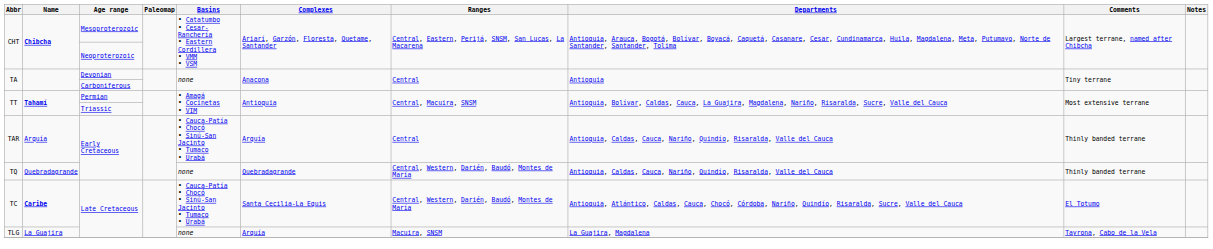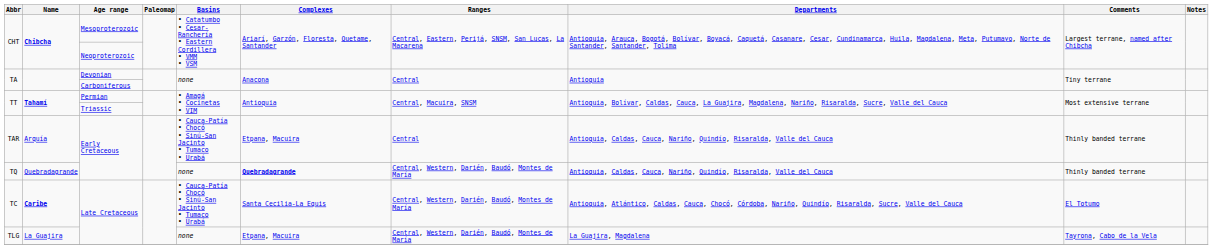 <table class="wikitable sortable mw-collapsible" style="font-size: 80%">
 <tr>
 <th>Abbr</th>
 <th>Name</th>
 <th>Age range</th>
 <th>Paleomap</th>
 <th width=100px><a href='#'>Basins</a></th>
 <th><a href='#'>Complexes</a></th>
 <th>Ranges</th>
 <th><a href='#'>Departments</a></th>
 <th>Comments</th>
 <th>Notes</th>
 </tr>
 <tr>
 <td align=center rowspan=2>CHT</td>
 <td rowspan=2><strong><a href='#'>Chibcha</a></strong></td>
 <td style="background-color: "><a href='#'>Mesoproterozoic</a></td>
 <td rowspan=2></td>
 <td rowspan=2>• <a href='#'>Catatumbo</a><br>• <a href='#'>Cesar-Ranchería</a><br>• <a href='#'>Eastern Cordillera</a> <br>• <a href='#'>VMM</a><br>• <a href='#'>VSM</a></td>
 <td rowspan="2"><a href='#'>Ariarí</a>, <a href='#'>Garzón</a>, <a href='#'>Floresta</a>, <a href='#'>Quetame</a>, <a href='#'>Santander</a></td>
 <td rowspan="2"><a href='#'>Central</a>, <a href='#'>Eastern</a>, <a href='#'>Perijá</a>, <a href='#'>SNSM</a>, <a href='#'>San Lucas</a>, <a href='#'>La Macarena</a></td>
 <td rowspan=2><a href='#'>Antioquia</a>, <a href='#'>Arauca</a>, <a href='#'>Bogotá</a>, <a href='#'>Bolívar</a>, <a href='#'>Boyacá</a>, <a href='#'>Caquetá</a>, <a href='#'>Casanare</a>, <a href='#'>Cesar</a>, <a href='#'>Cundinamarca</a>, <a href='#'>Huila</a>, <a href='#'>Magdalena</a>, <a href='#'>Meta</a>, <a href='#'>Putumayo</a>, <a href='#'>Norte de Santander</a>, <a href='#'>Santander</a>, <a href='#'>Tolima</a></td>
 <td rowspan=2>Largest terrane, <a href='#'>named after Chibcha</a></td>
 <td align=center rowspan=2></td>
 </tr>
 <tr>
 <td style="background-color: "><a href='#'>Neoproterozoic</a></td>
 </tr>
 <tr>
 <td rowspan=2 align=center>TA</td>
 <td rowspan=2></td>
 <td style="background-color: "><a href='#'>Devonian</a></td>
 <td rowspan=2></td>
 <td rowspan=2><em>none</em></td>
 <td rowspan=2><a href='#'>Anacona</a></td>
 <td rowspan="2"><a href='#'>Central</a></td>
 <td rowspan=2><a href='#'>Antioquia</a></td>
 <td rowspan=2>Tiny terrane</td>
 <td align=center rowspan=2></td>
 </tr>
 <tr>
 <td style="background-color: "><a href='#'>Carboniferous</a></td>
 </tr>
 <tr>
 <td rowspan=2 align=center>TT</td>
 <td rowspan=2><strong><a href='#'>Tahamí</a></strong></td>
 <td style="background-color: "><a href='#'>Permian</a></td>
 <td rowspan=2></td>
 <td rowspan=2>• <a href='#'>Amagá</a><br>• <a href='#'>Cocinetas</a><br>• <a href='#'>VIM</a></td>
 <td rowspan="2"><a href='#'>Antioquia</a></td>
 <td rowspan=2><a href='#'>Central</a>, <a href='#'>Macuira</a>, <a href='#'>SNSM</a></td>
 <td rowspan=2><a href='#'>Antioquia</a>, <a href='#'>Bolívar</a>, <a href='#'>Caldas</a>, <a href='#'>Cauca</a>, <a href='#'>La Guajira</a>, <a href='#'>Magdalena</a>, <a href='#'>Nariño</a>, <a href='#'>Risaralda</a>, <a href='#'>Sucre</a>, <a href='#'>Valle del Cauca</a></td>
 <td rowspan=2>Most extensive terrane</td>
 <td align=center rowspan=2></td>
 </tr>
 <tr>
 <td style="background-color: "><a href='#'>Triassic</a></td>
 </tr>
 <tr>
 <td align=center>TAR</td>
 <td><a href='#'>Arquía</a></td>
 <td rowspan="2" style="background-color: "><a href='#'>Early Cretaceous</a></td>
 <td rowspan=2></td>
 <td>• <a href='#'>Cauca-Patía</a><br>• <a href='#'>Chocó</a><br>• <a href='#'>Sinú-San Jacinto</a><br>• <a href='#'>Tumaco</a><br>• <a href='#'>Urabá</a></td>
-<td><a href='#'>Arquía</a></td>
+<td><a href='#'>Etpana</a>, <a href='#'>Macuira</a></td>
 <td><a href='#'>Central</a></td>
 <td><a href='#'>Antioquia</a>, <a href='#'>Caldas</a>, <a href='#'>Cauca</a>, <a href='#'>Nariño</a>, <a href='#'>Quindío</a>, <a href='#'>Risaralda</a>, <a href='#'>Valle del Cauca</a></td>
 <td>Thinly banded terrane</td>
 <td align=center></td>
 </tr>
 <tr>
 <td align=center>TQ</td>
 <td><a href='#'>Quebradagrande</a></td>
 <td><em>none</em></td>
-<td><a href='#'>Quebradagrande</a></td>
+<td><strong><a href='#'>Quebradagrande</a></strong></td>
 <td><a href='#'>Central</a>, <a href='#'>Western</a>, <a href='#'>Darién</a>, <a href='#'>Baudó</a>, <a href='#'>Montes de María</a></td>
 <td><a href='#'>Antioquia</a>, <a href='#'>Caldas</a>, <a href='#'>Cauca</a>, <a href='#'>Nariño</a>, <a href='#'>Quindío</a>, <a href='#'>Risaralda</a>, <a href='#'>Valle del Cauca</a></td>
 <td>Thinly banded terrane</td>
 <td align=center><br></td>
 </tr>
 <tr>
 <td align=center>TC</td>
 <td><strong><a href='#'>Caribe</a></strong></td>
 <td rowspan=2 style="background-color: "><a href='#'>Late Cretaceous</a></td>
 <td rowspan=2></td>
 <td>• <a href='#'>Cauca-Patía</a><br>• <a href='#'>Chocó</a><br>• <a href='#'>Sinú-San Jacinto</a><br>• <a href='#'>Tumaco</a><br>• <a href='#'>Urabá</a></td>
 <td><a href='#'>Santa Cecilia-La Equis</a></td>
 <td><a href='#'>Central</a>, <a href='#'>Western</a>, <a href='#'>Darién</a>, <a href='#'>Baudó</a>, <a href='#'>Montes de María</a></td>
 <td><a href='#'>Antioquia</a>, <a href='#'>Atlántico</a>, <a href='#'>Caldas</a>, <a href='#'>Cauca</a>, <a href='#'>Chocó</a>, <a href='#'>Córdoba</a>, <a href='#'>Nariño</a>, <a href='#'>Quindío</a>, <a href='#'>Risaralda</a>, <a href='#'>Sucre</a>, <a href='#'>Valle del Cauca</a></td>
 <td><a href='#'>El Totumo</a></td>
 <td align=center></td>
 </tr>
 <tr>
 <td align=center>TLG</td>
 <td><a href='#'>La Guajira</a></td>
 <td><em>none</em></td>
-<td><a href='#'>Arquía</a></td>
-<td><a href='#'>Macuira</a>, <a href='#'>SNSM</a></td>
+<td><a href='#'>Etpana</a>, <a href='#'>Macuira</a></td>
+<td><a href='#'>Central</a>, <a href='#'>Western</a>, <a href='#'>Darién</a>, <a href='#'>Baudó</a>, <a href='#'>Montes de María</a></td>
 <td><a href='#'>La Guajira</a>, <a href='#'>Magdalena</a></td>
 <td><a href='#'>Tayrona</a>, <a href='#'>Cabo de la Vela</a></td>
 <td align=center></td>
 </tr>
 <tr>
 </tr>
 </table>
